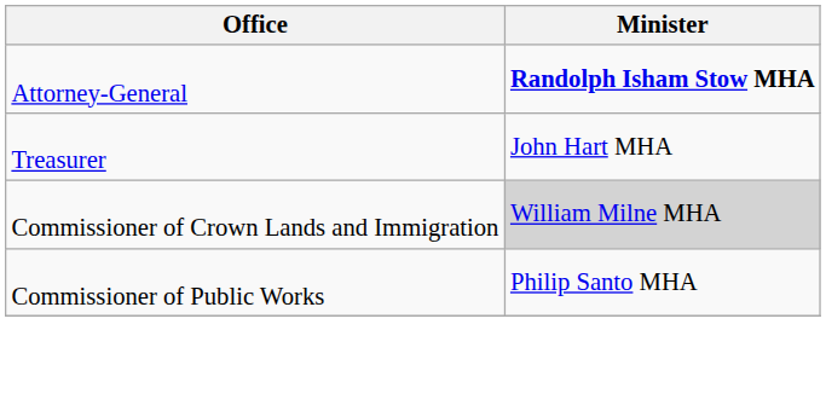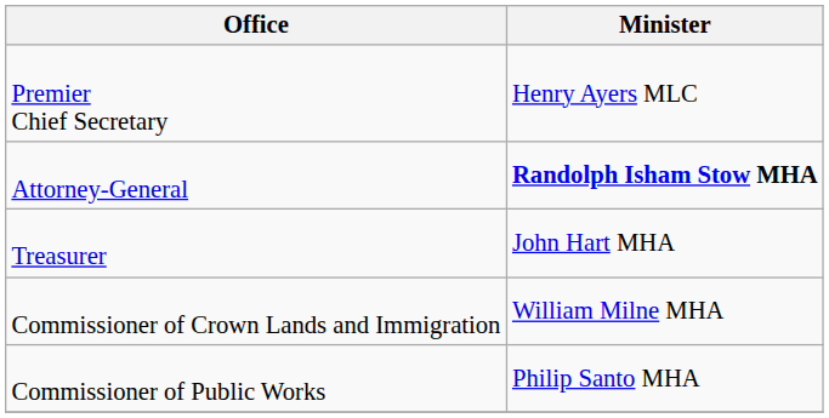 <table class="wikitable">
 <tr>
 <th>Office</th>
 <th>Minister</th>
+</tr>
+<tr>
+<td><br><a href='#'>Premier</a><br> Chief Secretary</td>
+<td><a href='#'>Henry Ayers</a> MLC</td>
 </tr>
 <tr>
 <td><br><a href='#'>Attorney-General</a></td>
 <td><strong><a href='#'>Randolph Isham Stow</a> MHA</strong></td>
 </tr>
 <tr>
 <td><br><a href='#'>Treasurer</a></td>
 <td><a href='#'>John Hart</a> MHA</td>
 </tr>
 <tr>
 <td><br>Commissioner of Crown Lands and Immigration<br></td>
-<td style="background: lightgrey;"><a href='#'>William Milne</a> MHA</td>
+<td><a href='#'>William Milne</a> MHA</td>
 </tr>
 <tr>
 <td><br>Commissioner of Public Works<br></td>
 <td><a href='#'>Philip Santo</a> MHA</td>
 </tr>
 <tr>
 </tr>
 </table>
